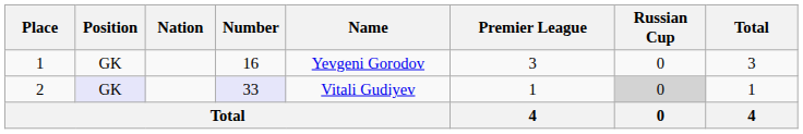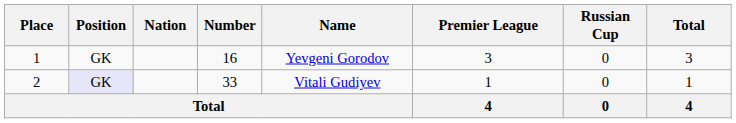 <table class="wikitable" style="font-size: 95%; text-align: center;">
 <tr>
 <th width=60>Place</th>
 <th width=60>Position</th>
 <th width=60>Nation</th>
 <th width=60>Number</th>
 <th width=150>Name</th>
 <th width=150>Premier League</th>
 <th width=80>Russian Cup</th>
 <th width=80>Total</th>
 </tr>
 <tr>
 <td>1</td>
 <td>GK</td>
 <td></td>
 <td>16</td>
 <td><a href='#'>Yevgeni Gorodov</a></td>
 <td>3</td>
 <td>0</td>
 <td>3</td>
 </tr>
 <tr>
 <td>2</td>
 <td style="background: lavender;">GK</td>
 <td></td>
-<td style="background: lavender;">33</td>
+<td>33</td>
 <td><a href='#'>Vitali Gudiyev</a></td>
 <td>1</td>
-<td style="background: lightgrey;">0</td>
+<td>0</td>
 <td>1</td>
 </tr>
 <tr>
 <th colspan=5>Total</th>
 <th>4</th>
 <th>0</th>
 <th>4</th>
 </tr>
 </table>
